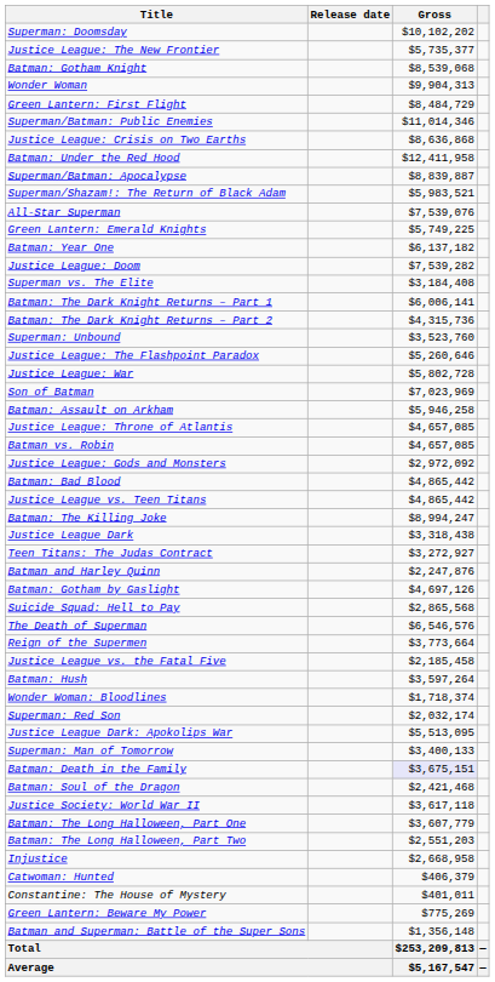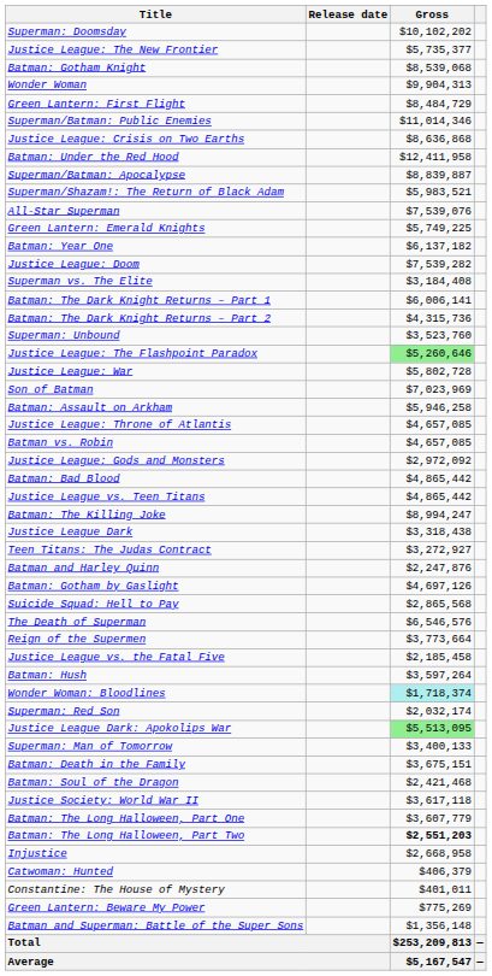 <table class="wikitable sortable">
 <tr>
 <th>Title</th>
 <th>Release date</th>
 <th>Gross</th>
 <th class="unsortable"></th>
 </tr>
 <tr>
 <td><em><a href='#'>Superman: Doomsday</a></em></td>
 <td></td>
 <td style="text-align:right">$10,102,202</td>
 <td style="text-align:center"></td>
 </tr>
 <tr>
 <td><em><a href='#'>Justice League: The New Frontier</a></em></td>
 <td></td>
 <td style="text-align:right">$5,735,377</td>
 <td style="text-align:center"></td>
 </tr>
 <tr>
 <td><em><a href='#'>Batman: Gotham Knight</a></em></td>
 <td></td>
 <td style="text-align:right">$8,539,068</td>
 <td style="text-align:center"></td>
 </tr>
 <tr>
 <td><em><a href='#'>Wonder Woman</a></em></td>
 <td></td>
 <td style="text-align:right">$9,904,313</td>
 <td style="text-align:center"></td>
 </tr>
 <tr>
 <td><em><a href='#'>Green Lantern: First Flight</a></em></td>
 <td></td>
 <td style="text-align:right">$8,484,729</td>
 <td style="text-align:center"></td>
 </tr>
 <tr>
 <td><em><a href='#'>Superman/Batman: Public Enemies</a></em></td>
 <td></td>
 <td style="text-align:right">$11,014,346</td>
 <td style="text-align:center"></td>
 </tr>
 <tr>
 <td><em><a href='#'>Justice League: Crisis on Two Earths</a></em></td>
 <td></td>
 <td style="text-align:right">$8,636,868</td>
 <td style="text-align:center"></td>
 </tr>
 <tr>
 <td><em><a href='#'>Batman: Under the Red Hood</a></em></td>
 <td></td>
 <td style="text-align:right">$12,411,958</td>
 <td style="text-align:center"></td>
 </tr>
 <tr>
 <td><em><a href='#'>Superman/Batman: Apocalypse</a></em></td>
 <td></td>
 <td style="text-align:right">$8,839,887</td>
 <td style="text-align:center"></td>
 </tr>
 <tr>
 <td><em><a href='#'>Superman/Shazam!: The Return of Black Adam</a></em></td>
 <td></td>
 <td style="text-align:right">$5,983,521</td>
 <td style="text-align:center"></td>
 </tr>
 <tr>
 <td><em><a href='#'>All-Star Superman</a></em></td>
 <td></td>
 <td style="text-align:right">$7,539,076</td>
 <td style="text-align:center"></td>
 </tr>
 <tr>
 <td><em><a href='#'>Green Lantern: Emerald Knights</a></em></td>
 <td></td>
 <td style="text-align:right">$5,749,225</td>
 <td style="text-align:center"></td>
 </tr>
 <tr>
 <td><em><a href='#'>Batman: Year One</a></em></td>
 <td></td>
 <td style="text-align:right">$6,137,182</td>
 <td style="text-align:center"></td>
 </tr>
 <tr>
 <td><em><a href='#'>Justice League: Doom</a></em></td>
 <td></td>
 <td style="text-align:right">$7,539,282</td>
 <td style="text-align:center"></td>
 </tr>
 <tr>
 <td><em><a href='#'>Superman vs. The Elite</a></em></td>
 <td></td>
 <td style="text-align:right">$3,184,408</td>
 <td style="text-align:center"></td>
 </tr>
 <tr>
 <td><em><a href='#'>Batman: The Dark Knight Returns – Part 1</a></em></td>
 <td></td>
 <td style="text-align:right">$6,006,141</td>
 <td style="text-align:center"></td>
 </tr>
 <tr>
 <td><em><a href='#'>Batman: The Dark Knight Returns – Part 2</a></em></td>
 <td></td>
 <td style="text-align:right">$4,315,736</td>
 <td style="text-align:center"></td>
 </tr>
 <tr>
 <td><em><a href='#'>Superman: Unbound</a></em></td>
 <td></td>
 <td style="text-align:right">$3,523,760</td>
 <td style="text-align:center"></td>
 </tr>
 <tr>
 <td><em><a href='#'>Justice League: The Flashpoint Paradox</a></em></td>
 <td></td>
-<td style="text-align:right">$5,260,646</td>
+<td style="background: lightgreen; text-align:right">$5,260,646</td>
 <td style="text-align:center"></td>
 </tr>
 <tr>
 <td><em><a href='#'>Justice League: War</a></em></td>
 <td></td>
 <td style="text-align:right">$5,802,728</td>
 <td style="text-align:center"></td>
 </tr>
 <tr>
 <td><em><a href='#'>Son of Batman</a></em></td>
 <td></td>
 <td style="text-align:right">$7,023,969</td>
 <td style="text-align:center"></td>
 </tr>
 <tr>
 <td><em><a href='#'>Batman: Assault on Arkham</a></em></td>
 <td></td>
 <td style="text-align:right">$5,946,258</td>
 <td style="text-align:center"></td>
 </tr>
 <tr>
 <td><em><a href='#'>Justice League: Throne of Atlantis</a></em></td>
 <td></td>
 <td style="text-align:right">$4,657,085</td>
 <td style="text-align:center"></td>
 </tr>
 <tr>
 <td><em><a href='#'>Batman vs. Robin</a></em></td>
 <td></td>
 <td style="text-align:right">$4,657,085</td>
 <td style="text-align:center"></td>
 </tr>
 <tr>
 <td><em><a href='#'>Justice League: Gods and Monsters</a></em></td>
 <td></td>
 <td style="text-align:right">$2,972,092</td>
 <td style="text-align:center"></td>
 </tr>
 <tr>
 <td><em><a href='#'>Batman: Bad Blood</a></em></td>
 <td></td>
 <td style="text-align:right">$4,865,442</td>
 <td style="text-align:center"></td>
 </tr>
 <tr>
 <td><em><a href='#'>Justice League vs. Teen Titans</a></em></td>
 <td></td>
 <td style="text-align:right">$4,865,442</td>
 <td style="text-align:center"></td>
 </tr>
 <tr>
 <td><em><a href='#'>Batman: The Killing Joke</a></em></td>
 <td></td>
 <td style="text-align:right">$8,994,247</td>
 <td style="text-align:center"></td>
 </tr>
 <tr>
 <td><em><a href='#'>Justice League Dark</a></em></td>
 <td></td>
 <td style="text-align:right">$3,318,438</td>
 <td style="text-align:center"></td>
 </tr>
 <tr>
 <td><em><a href='#'>Teen Titans: The Judas Contract</a></em></td>
 <td></td>
 <td style="text-align:right">$3,272,927</td>
 <td style="text-align:center"></td>
 </tr>
 <tr>
 <td><em><a href='#'>Batman and Harley Quinn</a></em></td>
 <td></td>
 <td style="text-align:right">$2,247,876</td>
 <td style="text-align:center"></td>
 </tr>
 <tr>
 <td><em><a href='#'>Batman: Gotham by Gaslight</a></em></td>
 <td></td>
 <td style="text-align:right">$4,697,126</td>
 <td style="text-align:center"></td>
 </tr>
 <tr>
 <td><em><a href='#'>Suicide Squad: Hell to Pay</a></em></td>
 <td></td>
 <td style="text-align:right">$2,865,568</td>
 <td style="text-align:center"></td>
 </tr>
 <tr>
 <td><em><a href='#'>The Death of Superman</a></em></td>
 <td></td>
 <td style="text-align:right">$6,546,576</td>
 <td style="text-align:center"></td>
 </tr>
 <tr>
 <td><em><a href='#'>Reign of the Supermen</a></em></td>
 <td></td>
 <td style="text-align:right">$3,773,664</td>
 <td style="text-align:center"></td>
 </tr>
 <tr>
 <td><em><a href='#'>Justice League vs. the Fatal Five</a></em></td>
 <td></td>
 <td style="text-align:right">$2,185,458</td>
 <td style="text-align:center"></td>
 </tr>
 <tr>
 <td><em><a href='#'>Batman: Hush</a></em></td>
 <td></td>
 <td style="text-align:right">$3,597,264</td>
 <td style="text-align:center"></td>
 </tr>
 <tr>
 <td><em><a href='#'>Wonder Woman: Bloodlines</a></em></td>
 <td></td>
-<td style="text-align:right">$1,718,374</td>
+<td style="background: paleturquoise; text-align:right">$1,718,374</td>
 <td style="text-align:center"></td>
 </tr>
 <tr>
 <td><em><a href='#'>Superman: Red Son</a></em></td>
 <td></td>
 <td style="text-align:right">$2,032,174</td>
 <td style="text-align:center"></td>
 </tr>
 <tr>
 <td><em><a href='#'>Justice League Dark: Apokolips War</a></em></td>
 <td></td>
-<td style="text-align:right">$5,513,095</td>
+<td style="background: lightgreen; text-align:right">$5,513,095</td>
 <td style="text-align:center"></td>
 </tr>
 <tr>
 <td><em><a href='#'>Superman: Man of Tomorrow</a></em></td>
 <td></td>
 <td style="text-align:right">$3,400,133</td>
 <td style="text-align:center"></td>
 </tr>
 <tr>
 <td><em><a href='#'>Batman: Death in the Family</a></em></td>
 <td></td>
-<td style="background: lavender; text-align:right">$3,675,151</td>
+<td style="text-align:right">$3,675,151</td>
 <td style="text-align:center"></td>
 </tr>
 <tr>
 <td><em><a href='#'>Batman: Soul of the Dragon</a></em></td>
 <td></td>
 <td style="text-align:right">$2,421,468</td>
 <td style="text-align:center"></td>
 </tr>
 <tr>
 <td><em><a href='#'>Justice Society: World War II</a></em></td>
 <td></td>
 <td style="text-align:right">$3,617,118</td>
 <td style="text-align:center"></td>
 </tr>
 <tr>
 <td><em><a href='#'>Batman: The Long Halloween, Part One</a></em></td>
 <td></td>
 <td style="text-align:right">$3,607,779</td>
 <td style="text-align:center"></td>
 </tr>
 <tr>
 <td><em><a href='#'>Batman: The Long Halloween, Part Two</a></em></td>
 <td></td>
-<td style="text-align:right">$2,551,203</td>
+<td style="text-align:right"><strong>$2,551,203</strong></td>
 <td style="text-align:center"></td>
 </tr>
 <tr>
 <td><em><a href='#'>Injustice</a></em></td>
 <td></td>
 <td style="text-align:right">$2,668,958</td>
 <td style="text-align:center"></td>
 </tr>
 <tr>
 <td><em><a href='#'>Catwoman: Hunted</a></em></td>
 <td></td>
 <td style="text-align:right">$406,379</td>
 <td style="text-align:center"></td>
 </tr>
 <tr>
 <td><em>Constantine: The House of Mystery</em></td>
 <td></td>
 <td style="text-align:right">$401,011</td>
 <td style="text-align:center"></td>
 </tr>
 <tr>
 <td><em><a href='#'>Green Lantern: Beware My Power</a></em></td>
 <td></td>
 <td style="text-align:right">$775,269</td>
 <td style="text-align:center"></td>
 </tr>
 <tr>
 <td><em><a href='#'>Batman and Superman: Battle of the Super Sons</a></em></td>
 <td></td>
 <td style="text-align:right">$1,356,148</td>
 <td style="text-align:center"></td>
 </tr>
 <tr>
 <th colspan="2" style="text-align:left">Total</th>
 <th style="text-align:right">$253,209,813</th>
 <th>—</th>
 </tr>
 <tr>
 <th colspan="2" style="text-align:left">Average</th>
 <th style="text-align:right">$5,167,547</th>
 <th>—</th>
 </tr>
 </table>
